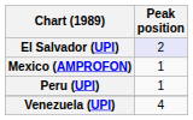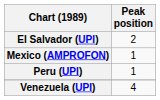 <table class="wikitable plainrowheaders sortable" style="text-align:center">
 <tr>
 <th scope="col">Chart (1989)</th>
 <th scope="col">Peak<br>position</th>
 </tr>
 <tr>
 <th scope="row">El Salvador (<a href='#'>UPI</a>)</th>
-<td style="background: lavender;">2</td>
+<td>2</td>
 </tr>
 <tr>
 <th scope="row">Mexico (<a href='#'>AMPROFON</a>)</th>
 <td>1</td>
 </tr>
 <tr>
 <th scope="row">Peru (<a href='#'>UPI</a>)</th>
 <td>1</td>
 </tr>
 <tr>
 </tr>
 <tr>
 <th scope="row">Venezuela (<a href='#'>UPI</a>)</th>
 <td>4</td>
 </tr>
 </table>
